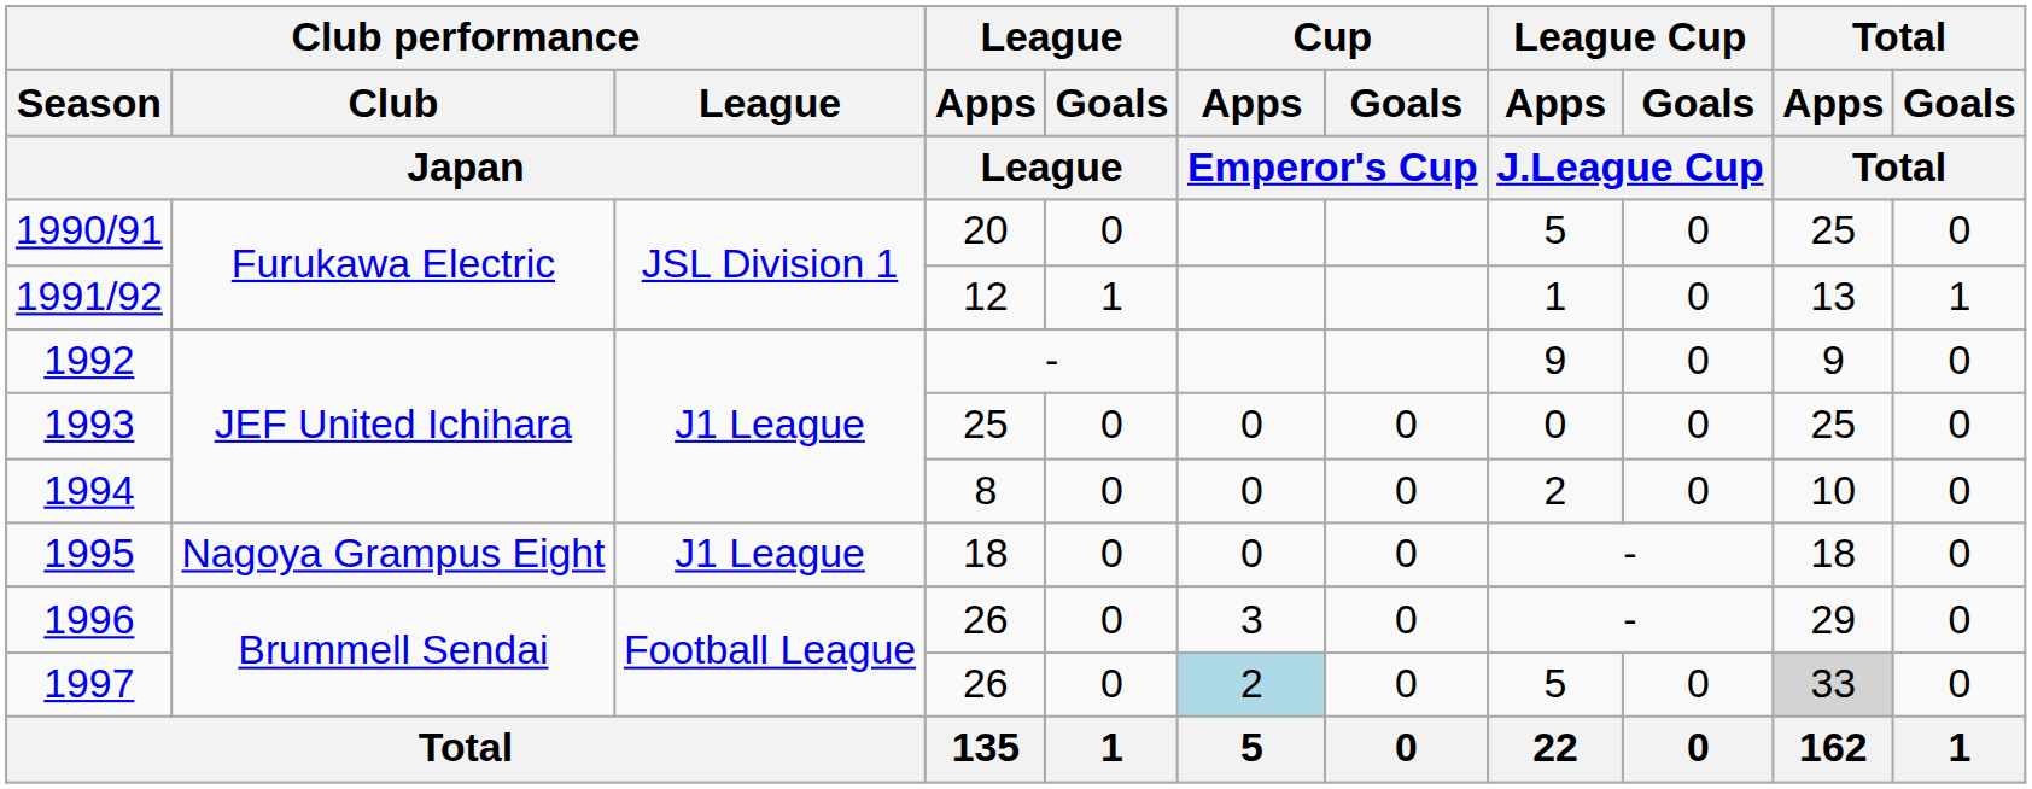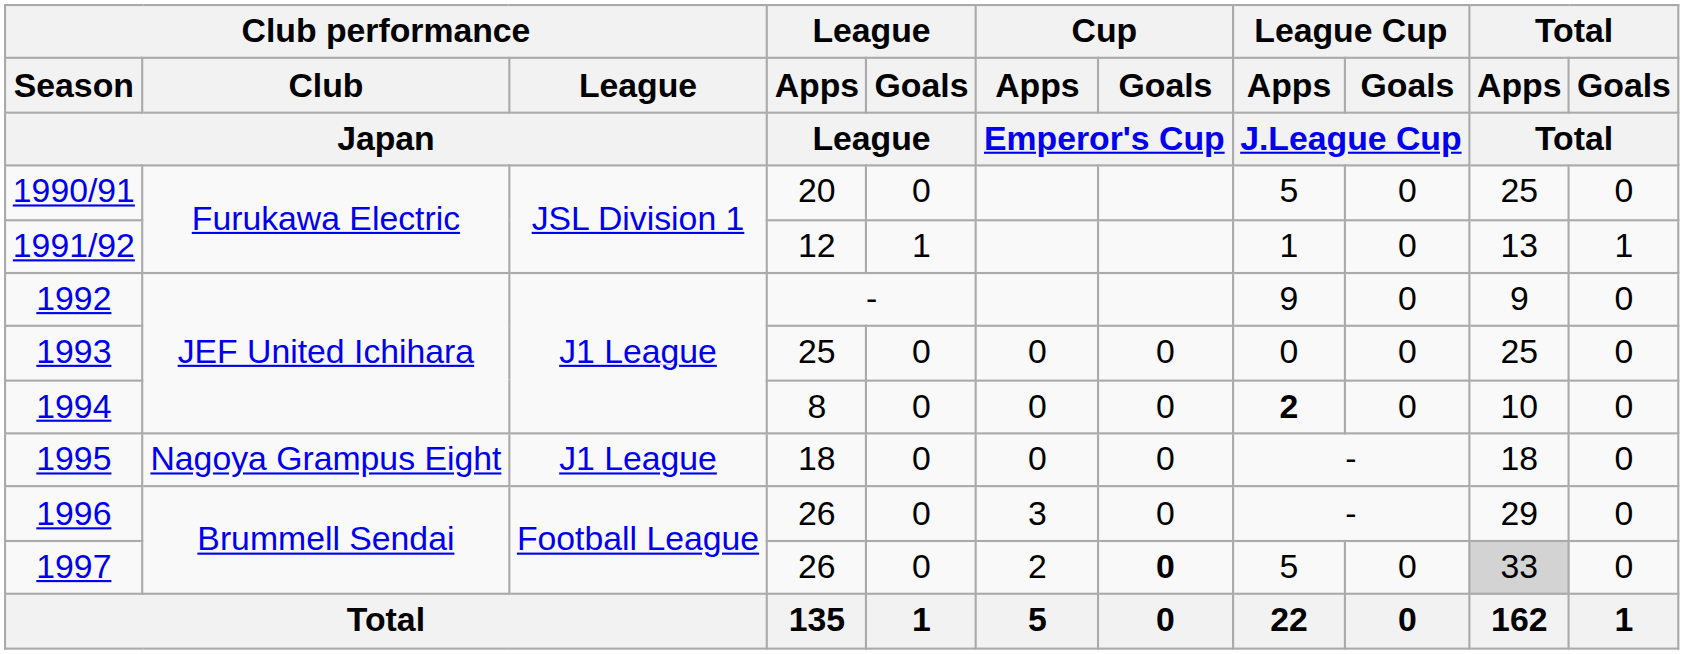 <table class="wikitable" style="text-align:center;">
 <tr>
 <th colspan=3>Club performance</th>
 <th colspan=2>League</th>
 <th colspan=2>Cup</th>
 <th colspan=2>League Cup</th>
 <th colspan=2>Total</th>
 </tr>
 <tr>
 <th>Season</th>
 <th>Club</th>
 <th>League</th>
 <th>Apps</th>
 <th>Goals</th>
 <th>Apps</th>
 <th>Goals</th>
 <th>Apps</th>
 <th>Goals</th>
 <th>Apps</th>
 <th>Goals</th>
 </tr>
 <tr>
 <th colspan=3>Japan</th>
 <th colspan=2>League</th>
 <th colspan=2><a href='#'>Emperor's Cup</a></th>
 <th colspan=2><a href='#'>J.League Cup</a></th>
 <th colspan=2>Total</th>
 </tr>
 <tr>
 <td><a href='#'>1990/91</a></td>
 <td rowspan="2"><a href='#'>Furukawa Electric</a></td>
 <td rowspan="2"><a href='#'>JSL Division 1</a></td>
 <td>20</td>
 <td>0</td>
 <td></td>
 <td></td>
 <td>5</td>
 <td>0</td>
 <td>25</td>
 <td>0</td>
 </tr>
 <tr>
 <td><a href='#'>1991/92</a></td>
 <td>12</td>
 <td>1</td>
 <td></td>
 <td></td>
 <td>1</td>
 <td>0</td>
 <td>13</td>
 <td>1</td>
 </tr>
 <tr>
 <td><a href='#'>1992</a></td>
 <td rowspan="3"><a href='#'>JEF United Ichihara</a></td>
 <td rowspan="3"><a href='#'>J1 League</a></td>
 <td colspan="2">-</td>
 <td></td>
 <td></td>
 <td>9</td>
 <td>0</td>
 <td>9</td>
 <td>0</td>
 </tr>
 <tr>
 <td><a href='#'>1993</a></td>
 <td>25</td>
 <td>0</td>
 <td>0</td>
 <td>0</td>
 <td>0</td>
 <td>0</td>
 <td>25</td>
 <td>0</td>
 </tr>
 <tr>
 <td><a href='#'>1994</a></td>
 <td>8</td>
 <td>0</td>
 <td>0</td>
 <td>0</td>
-<td>2</td>
+<td><strong>2</strong></td>
 <td>0</td>
 <td>10</td>
 <td>0</td>
 </tr>
 <tr>
 <td><a href='#'>1995</a></td>
 <td><a href='#'>Nagoya Grampus Eight</a></td>
 <td><a href='#'>J1 League</a></td>
 <td>18</td>
 <td>0</td>
 <td>0</td>
 <td>0</td>
 <td colspan="2">-</td>
 <td>18</td>
 <td>0</td>
 </tr>
 <tr>
 <td><a href='#'>1996</a></td>
 <td rowspan="2"><a href='#'>Brummell Sendai</a></td>
 <td rowspan="2"><a href='#'>Football League</a></td>
 <td>26</td>
 <td>0</td>
 <td>3</td>
 <td>0</td>
 <td colspan="2">-</td>
 <td>29</td>
 <td>0</td>
 </tr>
 <tr>
 <td><a href='#'>1997</a></td>
 <td>26</td>
 <td>0</td>
-<td style="background: lightblue;">2</td>
-<td>0</td>
+<td>2</td>
+<td><strong>0</strong></td>
 <td>5</td>
 <td>0</td>
 <td style="background: lightgrey;">33</td>
 <td>0</td>
 </tr>
 <tr>
 <th colspan=3>Total</th>
 <th>135</th>
 <th>1</th>
 <th>5</th>
 <th>0</th>
 <th>22</th>
 <th>0</th>
 <th>162</th>
 <th>1</th>
 </tr>
 </table>
